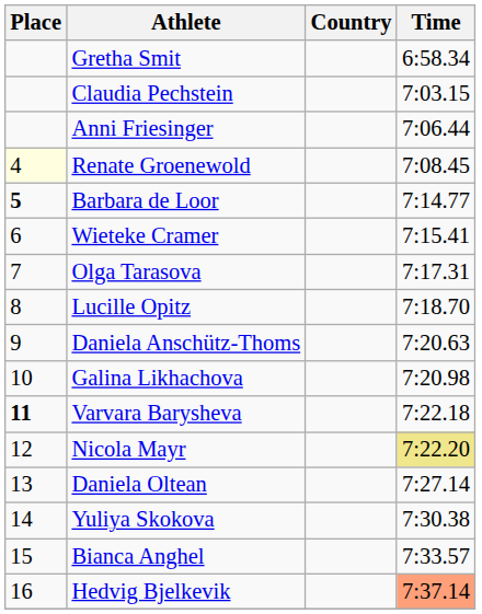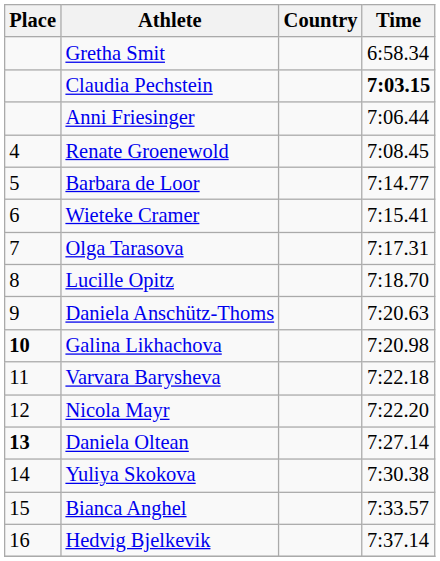 <table class="wikitable sortable" border="1">
 <tr>
 <th Scope=”col”>Place</th>
 <th Scope=”col”>Athlete</th>
 <th Scope=”col”>Country</th>
 <th Scope=”col”>Time</th>
 </tr>
 <tr>
 <td></td>
 <td><a href='#'>Gretha Smit</a></td>
 <td></td>
 <td>6:58.34</td>
 </tr>
 <tr>
 <td></td>
 <td><a href='#'>Claudia Pechstein</a></td>
 <td></td>
-<td>7:03.15</td>
+<td><strong>7:03.15</strong></td>
 </tr>
 <tr>
 <td></td>
 <td><a href='#'>Anni Friesinger</a></td>
 <td></td>
 <td>7:06.44</td>
 </tr>
 <tr>
-<td style="background: lightyellow;">4</td>
+<td>4</td>
 <td><a href='#'>Renate Groenewold</a></td>
 <td></td>
 <td>7:08.45</td>
 </tr>
 <tr>
-<td><strong>5</strong></td>
+<td>5</td>
 <td><a href='#'>Barbara de Loor</a></td>
 <td></td>
 <td>7:14.77</td>
 </tr>
 <tr>
 <td>6</td>
 <td><a href='#'>Wieteke Cramer</a></td>
 <td></td>
 <td>7:15.41</td>
 </tr>
 <tr>
 <td>7</td>
 <td><a href='#'>Olga Tarasova</a></td>
 <td></td>
 <td>7:17.31</td>
 </tr>
 <tr>
 <td>8</td>
 <td><a href='#'>Lucille Opitz</a></td>
 <td></td>
 <td>7:18.70</td>
 </tr>
 <tr>
 <td>9</td>
 <td><a href='#'>Daniela Anschütz-Thoms</a></td>
 <td></td>
 <td>7:20.63</td>
 </tr>
 <tr>
-<td>10</td>
+<td><strong>10</strong></td>
 <td><a href='#'>Galina Likhachova</a></td>
 <td></td>
 <td>7:20.98</td>
 </tr>
 <tr>
-<td><strong>11</strong></td>
+<td>11</td>
 <td><a href='#'>Varvara Barysheva</a></td>
 <td></td>
 <td>7:22.18</td>
 </tr>
 <tr>
 <td>12</td>
 <td><a href='#'>Nicola Mayr</a></td>
 <td></td>
-<td style="background: khaki;">7:22.20</td>
+<td>7:22.20</td>
 </tr>
 <tr>
-<td>13</td>
+<td><strong>13</strong></td>
 <td><a href='#'>Daniela Oltean</a></td>
 <td></td>
 <td>7:27.14</td>
 </tr>
 <tr>
 <td>14</td>
 <td><a href='#'>Yuliya Skokova</a></td>
 <td></td>
 <td>7:30.38</td>
 </tr>
 <tr>
 <td>15</td>
 <td><a href='#'>Bianca Anghel</a></td>
 <td></td>
 <td>7:33.57</td>
 </tr>
 <tr>
 <td>16</td>
 <td><a href='#'>Hedvig Bjelkevik</a></td>
 <td></td>
-<td style="background: lightsalmon;">7:37.14</td>
+<td>7:37.14</td>
 </tr>
 <tr>
 </tr>
 </table>
